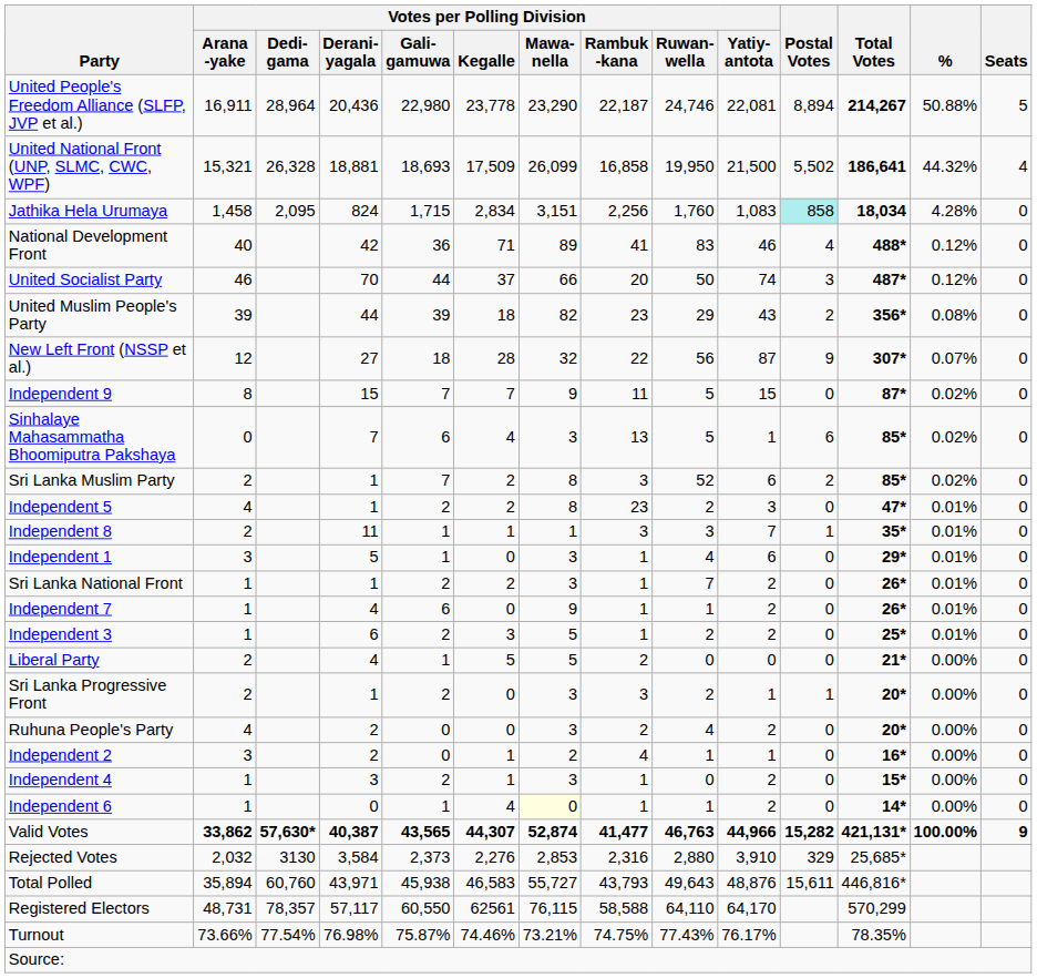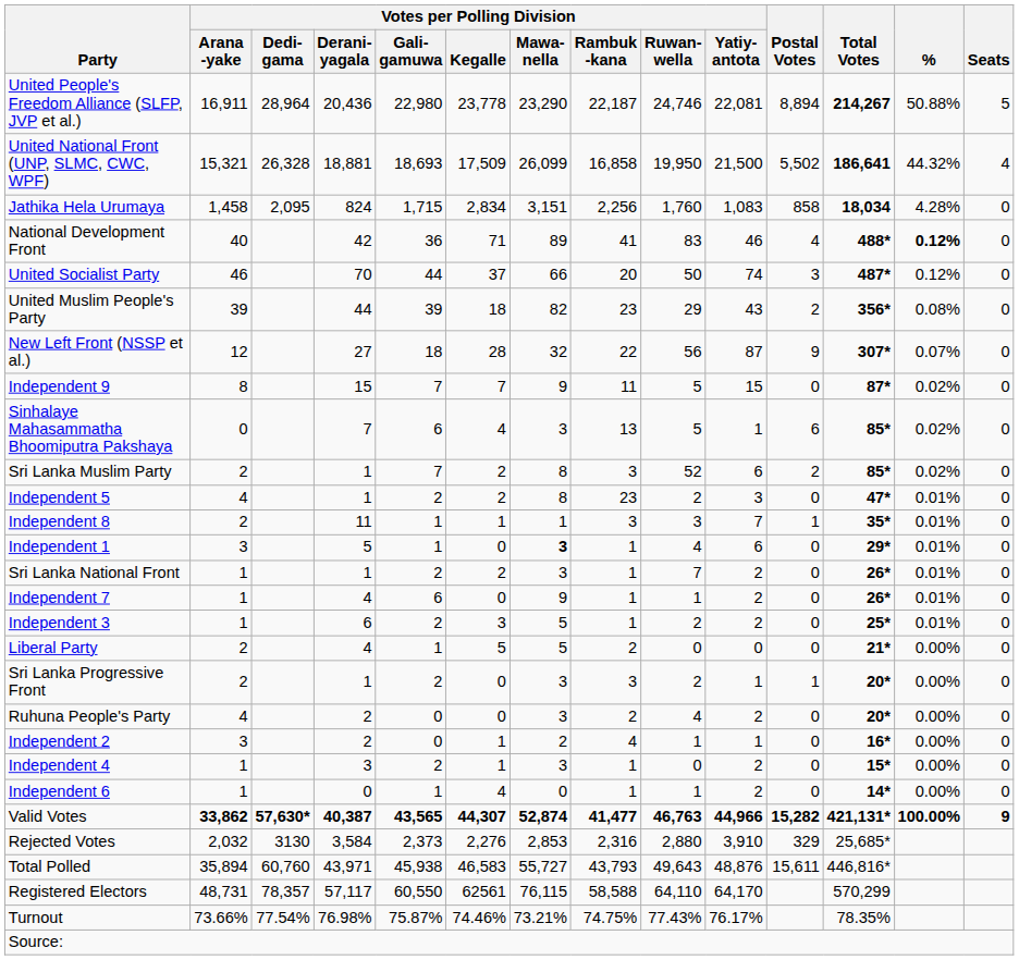 <table class="wikitable" border="1" style="text-align:right;">
 <tr>
 <th align=left valign=bottom rowspan=2 width="180">Party</th>
 <th colspan=9>Votes per Polling Division</th>
 <th align=center valign=bottom rowspan=2 width="50">Postal<br>Votes</th>
 <th align=center valign=bottom rowspan=2 width="50">Total Votes</th>
 <th align=center valign=bottom rowspan=2 width="50">%</th>
 <th align=center valign=bottom rowspan=2 width="40">Seats</th>
 </tr>
 <tr>
 <th align=center valign=bottom width="50">Arana<br>-yake</th>
 <th align=center valign=bottom width="50">Dedi-<br>gama</th>
 <th align=center valign=bottom width="50">Derani-<br>yagala</th>
 <th align=center valign=bottom width="50">Gali-<br>gamuwa</th>
 <th align=center valign=bottom width="50">Kegalle</th>
 <th align=center valign=bottom width="50">Mawa-<br>nella</th>
 <th align=center valign=bottom width="50">Rambuk<br>-kana</th>
 <th align=center valign=bottom width="50">Ruwan-<br>wella</th>
 <th align=center valign=bottom width="50">Yatiy-<br>antota</th>
 </tr>
 <tr>
 <td align=left><a href='#'>United People's Freedom Alliance</a> (<a href='#'>SLFP</a>, <a href='#'>JVP</a> et al.)</td>
 <td>16,911</td>
 <td>28,964</td>
 <td>20,436</td>
 <td>22,980</td>
 <td>23,778</td>
 <td>23,290</td>
 <td>22,187</td>
 <td>24,746</td>
 <td>22,081</td>
 <td>8,894</td>
 <td><strong>214,267</strong></td>
 <td>50.88%</td>
 <td>5</td>
 </tr>
 <tr>
 <td align=left><a href='#'>United National Front</a><br>(<a href='#'>UNP</a>, <a href='#'>SLMC</a>, <a href='#'>CWC</a>, <a href='#'>WPF</a>)</td>
 <td>15,321</td>
 <td>26,328</td>
 <td>18,881</td>
 <td>18,693</td>
 <td>17,509</td>
 <td>26,099</td>
 <td>16,858</td>
 <td>19,950</td>
 <td>21,500</td>
 <td>5,502</td>
 <td><strong>186,641</strong></td>
 <td>44.32%</td>
 <td>4</td>
 </tr>
 <tr>
 <td align=left><a href='#'>Jathika Hela Urumaya</a></td>
 <td>1,458</td>
 <td>2,095</td>
 <td>824</td>
 <td>1,715</td>
 <td>2,834</td>
 <td>3,151</td>
 <td>2,256</td>
 <td>1,760</td>
 <td>1,083</td>
-<td style="background: paleturquoise;">858</td>
+<td>858</td>
 <td><strong>18,034</strong></td>
 <td>4.28%</td>
 <td>0</td>
 </tr>
 <tr>
 <td align=left>National Development Front</td>
 <td>40</td>
 <td></td>
 <td>42</td>
 <td>36</td>
 <td>71</td>
 <td>89</td>
 <td>41</td>
 <td>83</td>
 <td>46</td>
 <td>4</td>
 <td><strong>488*</strong></td>
-<td>0.12%</td>
+<td><strong>0.12%</strong></td>
 <td>0</td>
 </tr>
 <tr>
 <td align=left><a href='#'>United Socialist Party</a></td>
 <td>46</td>
 <td></td>
 <td>70</td>
 <td>44</td>
 <td>37</td>
 <td>66</td>
 <td>20</td>
 <td>50</td>
 <td>74</td>
 <td>3</td>
 <td><strong>487*</strong></td>
 <td>0.12%</td>
 <td>0</td>
 </tr>
 <tr>
 <td align=left>United Muslim People's Party</td>
 <td>39</td>
 <td></td>
 <td>44</td>
 <td>39</td>
 <td>18</td>
 <td>82</td>
 <td>23</td>
 <td>29</td>
 <td>43</td>
 <td>2</td>
 <td><strong>356*</strong></td>
 <td>0.08%</td>
 <td>0</td>
 </tr>
 <tr>
 <td align=left><a href='#'>New Left Front</a> (<a href='#'>NSSP</a> et al.)</td>
 <td>12</td>
 <td></td>
 <td>27</td>
 <td>18</td>
 <td>28</td>
 <td>32</td>
 <td>22</td>
 <td>56</td>
 <td>87</td>
 <td>9</td>
 <td><strong>307*</strong></td>
 <td>0.07%</td>
 <td>0</td>
 </tr>
 <tr>
 <td align=left><a href='#'>Independent 9</a></td>
 <td>8</td>
 <td></td>
 <td>15</td>
 <td>7</td>
 <td>7</td>
 <td>9</td>
 <td>11</td>
 <td>5</td>
 <td>15</td>
 <td>0</td>
 <td><strong>87*</strong></td>
 <td>0.02%</td>
 <td>0</td>
 </tr>
 <tr>
 <td align=left><a href='#'>Sinhalaye Mahasammatha Bhoomiputra Pakshaya</a></td>
 <td>0</td>
 <td></td>
 <td>7</td>
 <td>6</td>
 <td>4</td>
 <td>3</td>
 <td>13</td>
 <td>5</td>
 <td>1</td>
 <td>6</td>
 <td><strong>85*</strong></td>
 <td>0.02%</td>
 <td>0</td>
 </tr>
 <tr>
 <td align=left>Sri Lanka Muslim Party</td>
 <td>2</td>
 <td></td>
 <td>1</td>
 <td>7</td>
 <td>2</td>
 <td>8</td>
 <td>3</td>
 <td>52</td>
 <td>6</td>
 <td>2</td>
 <td><strong>85*</strong></td>
 <td>0.02%</td>
 <td>0</td>
 </tr>
 <tr>
 <td align=left><a href='#'>Independent 5</a></td>
 <td>4</td>
 <td></td>
 <td>1</td>
 <td>2</td>
 <td>2</td>
 <td>8</td>
 <td>23</td>
 <td>2</td>
 <td>3</td>
 <td>0</td>
 <td><strong>47*</strong></td>
 <td>0.01%</td>
 <td>0</td>
 </tr>
 <tr>
 <td align=left><a href='#'>Independent 8</a></td>
 <td>2</td>
 <td></td>
 <td>11</td>
 <td>1</td>
 <td>1</td>
 <td>1</td>
 <td>3</td>
 <td>3</td>
 <td>7</td>
 <td>1</td>
 <td><strong>35*</strong></td>
 <td>0.01%</td>
 <td>0</td>
 </tr>
 <tr>
 <td align=left><a href='#'>Independent 1</a></td>
 <td>3</td>
 <td></td>
 <td>5</td>
 <td>1</td>
 <td>0</td>
-<td>3</td>
+<td><strong>3</strong></td>
 <td>1</td>
 <td>4</td>
 <td>6</td>
 <td>0</td>
 <td><strong>29*</strong></td>
 <td>0.01%</td>
 <td>0</td>
 </tr>
 <tr>
 <td align=left>Sri Lanka National Front</td>
 <td>1</td>
 <td></td>
 <td>1</td>
 <td>2</td>
 <td>2</td>
 <td>3</td>
 <td>1</td>
 <td>7</td>
 <td>2</td>
 <td>0</td>
 <td><strong>26*</strong></td>
 <td>0.01%</td>
 <td>0</td>
 </tr>
 <tr>
 <td align=left><a href='#'>Independent 7</a></td>
 <td>1</td>
 <td></td>
 <td>4</td>
 <td>6</td>
 <td>0</td>
 <td>9</td>
 <td>1</td>
 <td>1</td>
 <td>2</td>
 <td>0</td>
 <td><strong>26*</strong></td>
 <td>0.01%</td>
 <td>0</td>
 </tr>
 <tr>
 <td align=left><a href='#'>Independent 3</a></td>
 <td>1</td>
 <td></td>
 <td>6</td>
 <td>2</td>
 <td>3</td>
 <td>5</td>
 <td>1</td>
 <td>2</td>
 <td>2</td>
 <td>0</td>
 <td><strong>25*</strong></td>
 <td>0.01%</td>
 <td>0</td>
 </tr>
 <tr>
 <td align=left><a href='#'>Liberal Party</a></td>
 <td>2</td>
 <td></td>
 <td>4</td>
 <td>1</td>
 <td>5</td>
 <td>5</td>
 <td>2</td>
 <td>0</td>
 <td>0</td>
 <td>0</td>
 <td><strong>21*</strong></td>
 <td>0.00%</td>
 <td>0</td>
 </tr>
 <tr>
 <td align=left>Sri Lanka Progressive Front</td>
 <td>2</td>
 <td></td>
 <td>1</td>
 <td>2</td>
 <td>0</td>
 <td>3</td>
 <td>3</td>
 <td>2</td>
 <td>1</td>
 <td>1</td>
 <td><strong>20*</strong></td>
 <td>0.00%</td>
 <td>0</td>
 </tr>
 <tr>
 <td align=left>Ruhuna People's Party</td>
 <td>4</td>
 <td></td>
 <td>2</td>
 <td>0</td>
 <td>0</td>
 <td>3</td>
 <td>2</td>
 <td>4</td>
 <td>2</td>
 <td>0</td>
 <td><strong>20*</strong></td>
 <td>0.00%</td>
 <td>0</td>
 </tr>
 <tr>
 <td align=left><a href='#'>Independent 2</a></td>
 <td>3</td>
 <td></td>
 <td>2</td>
 <td>0</td>
 <td>1</td>
 <td>2</td>
 <td>4</td>
 <td>1</td>
 <td>1</td>
 <td>0</td>
 <td><strong>16*</strong></td>
 <td>0.00%</td>
 <td>0</td>
 </tr>
 <tr>
 <td align=left><a href='#'>Independent 4</a></td>
 <td>1</td>
 <td></td>
 <td>3</td>
 <td>2</td>
 <td>1</td>
 <td>3</td>
 <td>1</td>
 <td>0</td>
 <td>2</td>
 <td>0</td>
 <td><strong>15*</strong></td>
 <td>0.00%</td>
 <td>0</td>
 </tr>
 <tr>
 <td align=left><a href='#'>Independent 6</a></td>
 <td>1</td>
 <td></td>
 <td>0</td>
 <td>1</td>
 <td>4</td>
-<td style="background: lightyellow;">0</td>
+<td>0</td>
 <td>1</td>
 <td>1</td>
 <td>2</td>
 <td>0</td>
 <td><strong>14*</strong></td>
 <td>0.00%</td>
 <td>0</td>
 </tr>
 <tr>
 <td align=left>Valid Votes</td>
 <td><strong>33,862</strong></td>
 <td><strong>57,630*</strong></td>
 <td><strong>40,387</strong></td>
 <td><strong>43,565</strong></td>
 <td><strong>44,307</strong></td>
 <td><strong>52,874</strong></td>
 <td><strong>41,477</strong></td>
 <td><strong>46,763</strong></td>
 <td><strong>44,966</strong></td>
 <td><strong>15,282</strong></td>
 <td><strong>421,131*</strong></td>
 <td><strong>100.00%</strong></td>
 <td><strong>9</strong></td>
 </tr>
 <tr>
 <td align=left>Rejected Votes</td>
 <td>2,032</td>
 <td>3130</td>
 <td>3,584</td>
 <td>2,373</td>
 <td>2,276</td>
 <td>2,853</td>
 <td>2,316</td>
 <td>2,880</td>
 <td>3,910</td>
 <td>329</td>
 <td>25,685*</td>
 <td></td>
 <td></td>
 </tr>
 <tr>
 <td align=left>Total Polled</td>
 <td>35,894</td>
 <td>60,760</td>
 <td>43,971</td>
 <td>45,938</td>
 <td>46,583</td>
 <td>55,727</td>
 <td>43,793</td>
 <td>49,643</td>
 <td>48,876</td>
 <td>15,611</td>
 <td>446,816*</td>
 <td></td>
 <td></td>
 </tr>
 <tr>
 <td align=left>Registered Electors</td>
 <td>48,731</td>
 <td>78,357</td>
 <td>57,117</td>
 <td>60,550</td>
 <td>62561</td>
 <td>76,115</td>
 <td>58,588</td>
 <td>64,110</td>
 <td>64,170</td>
 <td></td>
 <td>570,299</td>
 <td></td>
 <td></td>
 </tr>
 <tr>
 <td align=left>Turnout</td>
 <td>73.66%</td>
 <td>77.54%</td>
 <td>76.98%</td>
 <td>75.87%</td>
 <td>74.46%</td>
 <td>73.21%</td>
 <td>74.75%</td>
 <td>77.43%</td>
 <td>76.17%</td>
 <td></td>
 <td>78.35%</td>
 <td></td>
 <td></td>
 </tr>
 <tr>
 <td align=left colspan=15>Source:</td>
 </tr>
 </table>
